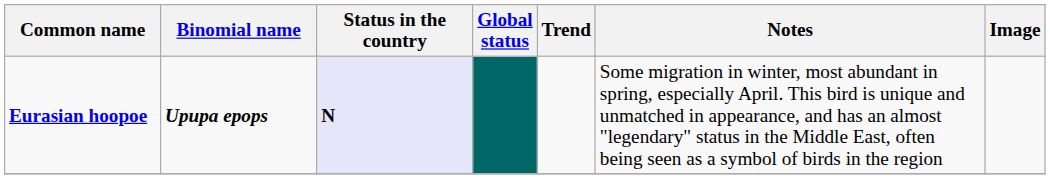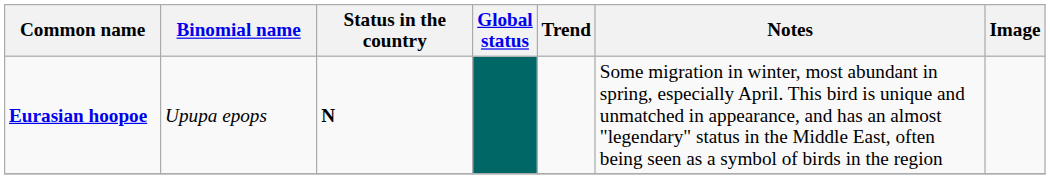 <table class="wikitable sortable">
 <tr>
 <th width="15%">Common name</th>
 <th width="15%"><a href='#'>Binomial name</a></th>
 <th data-sort-type="number" width="15%">Status in the country</th>
 <th width="5%"><a href='#'>Global status</a></th>
 <th width="5%">Trend</th>
 <th class="unsortable">Notes</th>
 <th class="unsortable">Image</th>
 </tr>
 <tr>
 <td><strong><a href='#'>Eurasian hoopoe</a></strong></td>
-<td><strong><em>Upupa epops</em></strong></td>
-<td style="background: lavender;"><strong>N</strong></td>
+<td><em>Upupa epops</em></td>
+<td><strong>N</strong></td>
 <td align=center style="background: #006666"></td>
 <td align=center></td>
 <td>Some migration in winter, most abundant in spring, especially April. This bird is unique and unmatched in appearance, and has an almost "legendary" status in the Middle East, often being seen as a symbol of birds in the region</td>
 <td></td>
 </tr>
 <tr>
 </tr>
 </table>
